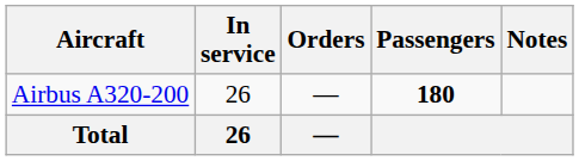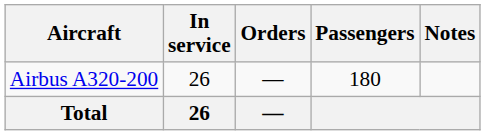 <table class="wikitable" style="margin:0.5em auto; text-align:center">
 <tr>
 <th>Aircraft</th>
 <th>In <br> service</th>
 <th>Orders</th>
 <th>Passengers</th>
 <th>Notes</th>
 </tr>
 <tr>
 <td><a href='#'>Airbus A320-200</a></td>
 <td>26</td>
 <td>—</td>
-<td><strong>180</strong></td>
+<td>180</td>
 <td></td>
 </tr>
 <tr>
 <th>Total</th>
 <th>26</th>
 <th>—</th>
 <th colspan=2></th>
 </tr>
 </table>
